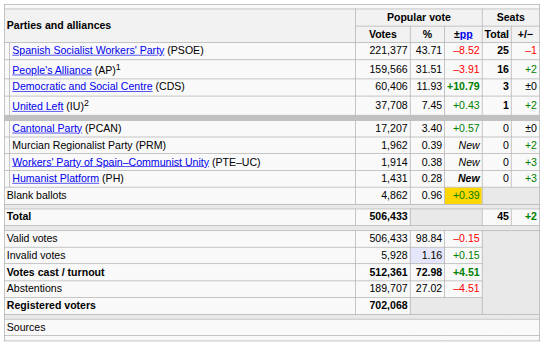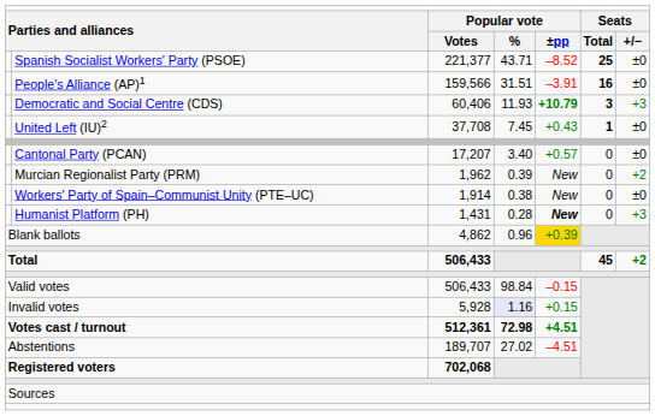 <table class="wikitable" style="text-align:right;">
 <tr>
 <td colspan="7"></td>
 </tr>
 <tr>
 <th style="text-align:left;" rowspan="2" colspan="2" width="525">Parties and alliances</th>
 <th colspan="3">Popular vote</th>
 <th colspan="2">Seats</th>
 </tr>
 <tr>
 <th width="75">Votes</th>
 <th width="45">%</th>
 <th width="45">±<a href='#'>pp</a></th>
 <th width="35">Total</th>
 <th width="35">+/−</th>
 </tr>
 <tr>
 <td width="1" style="color:inherit;background:"></td>
 <td align="left"><a href='#'>Spanish Socialist Workers' Party</a> (PSOE)</td>
 <td>221,377</td>
 <td>43.71</td>
 <td style="color:red;">–8.52</td>
 <td><strong>25</strong></td>
-<td style="color:red;">–1</td>
+<td>±0</td>
 </tr>
 <tr>
 <td style="color:inherit;background:"></td>
 <td align="left"><a href='#'>People's Alliance</a> (AP)<sup>1</sup></td>
 <td>159,566</td>
 <td>31.51</td>
 <td style="color:red;">–3.91</td>
 <td><strong>16</strong></td>
-<td style="color:green;">+2</td>
+<td>±0</td>
 </tr>
 <tr>
 <td style="color:inherit;background:"></td>
 <td align="left"><a href='#'>Democratic and Social Centre</a> (CDS)</td>
 <td>60,406</td>
 <td>11.93</td>
 <td style="color:green;"><strong>+10.79</strong></td>
 <td><strong>3</strong></td>
-<td>±0</td>
+<td style="color:green;">+3</td>
 </tr>
 <tr>
 <td style="color:inherit;background:"></td>
 <td align="left"><a href='#'>United Left</a> (IU)<sup>2</sup></td>
 <td>37,708</td>
 <td>7.45</td>
 <td style="color:green;">+0.43</td>
 <td><strong>1</strong></td>
-<td style="color:green;">+2</td>
+<td>±0</td>
 </tr>
 <tr>
 <td colspan="7" bgcolor="#C0C0C0"></td>
 </tr>
 <tr>
 <td style="color:inherit;background:"></td>
 <td align="left"><a href='#'>Cantonal Party</a> (PCAN)</td>
 <td>17,207</td>
 <td>3.40</td>
 <td style="color:green;">+0.57</td>
 <td>0</td>
 <td>±0</td>
 </tr>
 <tr>
 <td style="color:inherit;background:"></td>
 <td align="left">Murcian Regionalist Party (PRM)</td>
 <td>1,962</td>
 <td>0.39</td>
 <td><em>New</em></td>
 <td>0</td>
 <td style="color:green;">+2</td>
 </tr>
 <tr>
 <td style="color:inherit;background:"></td>
 <td align="left"><a href='#'>Workers' Party of Spain–Communist Unity</a> (PTE–UC)</td>
 <td>1,914</td>
 <td>0.38</td>
 <td><em>New</em></td>
 <td>0</td>
-<td style="color:green;">+3</td>
+<td>±0</td>
 </tr>
 <tr>
 <td style="color:inherit;background:"></td>
 <td align="left"><a href='#'>Humanist Platform</a> (PH)</td>
 <td>1,431</td>
 <td>0.28</td>
 <td><strong><em>New</em></strong></td>
 <td>0</td>
 <td style="color:green;">+3</td>
 </tr>
 <tr>
 <td align="left" colspan="2">Blank ballots</td>
 <td>4,862</td>
 <td>0.96</td>
 <td style="background: gold; color:green;">+0.39</td>
 <td bgcolor="#E9E9E9" colspan="2"></td>
 </tr>
 <tr>
 <td colspan="7" bgcolor="#E9E9E9"></td>
 </tr>
 <tr style="font-weight:bold;">
 <td align="left" colspan="2">Total</td>
 <td>506,433</td>
 <td bgcolor="#E9E9E9" colspan="2"></td>
 <td>45</td>
 <td style="color:green;">+2</td>
 </tr>
 <tr>
 <td colspan="7" bgcolor="#E9E9E9"></td>
 </tr>
 <tr>
 <td align="left" colspan="2">Valid votes</td>
 <td>506,433</td>
 <td>98.84</td>
 <td style="color:red;">–0.15</td>
 <td bgcolor="#E9E9E9" colspan="2" rowspan="5"></td>
 </tr>
 <tr>
 <td align="left" colspan="2">Invalid votes</td>
 <td>5,928</td>
 <td style="background: lavender;">1.16</td>
 <td style="color:green;">+0.15</td>
 </tr>
 <tr style="font-weight:bold;">
 <td align="left" colspan="2">Votes cast / turnout</td>
 <td>512,361</td>
 <td>72.98</td>
 <td style="color:green;">+4.51</td>
 </tr>
 <tr>
 <td align="left" colspan="2">Abstentions</td>
 <td>189,707</td>
 <td>27.02</td>
 <td style="color:red;">–4.51</td>
 </tr>
 <tr style="font-weight:bold;">
 <td align="left" colspan="2">Registered voters</td>
 <td>702,068</td>
 <td bgcolor="#E9E9E9" colspan="2"></td>
 </tr>
 <tr>
 <td colspan="7" bgcolor="#E9E9E9"></td>
 </tr>
 <tr>
 <td align="left" colspan="7">Sources</td>
 </tr>
 <tr>
 <td colspan="7" style="text-align:left; max-width:790px;"></td>
 </tr>
 </table>
